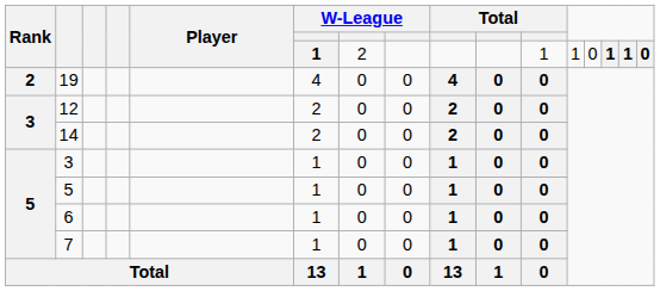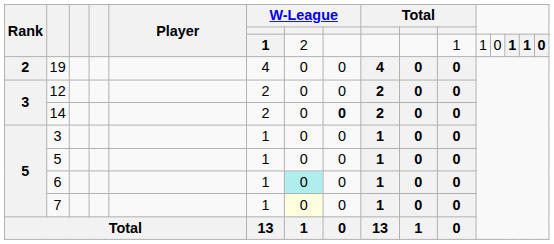 <table class="wikitable sortable" style="text-align:center;">
 <tr>
 <th rowspan="3" width="15">Rank</th>
 <th rowspan="3" width="15"></th>
 <th rowspan="3" width="15"></th>
 <th rowspan="3" width="15"></th>
 <th rowspan="3" width="145">Player</th>
 <th colspan="3" width="120"><a href='#'>W-League</a></th>
 <th colspan="3" width="120">Total</th>
 </tr>
 <tr>
 <th style="width:30px"></th>
 <th style="width:30px"></th>
 <th style="width:30px"></th>
 <th style="width:30px"></th>
 <th style="width:30px"></th>
 <th style="width:30px"></th>
 </tr>
 <tr>
 <th>1</th>
 <td>2</td>
 <td></td>
 <td></td>
 <td align="left"><br></td>
 <td>1</td>
 <td>1</td>
 <td>0<br></td>
 <th>1</th>
 <th>1</th>
 <th>0</th>
 </tr>
 <tr>
 <th>2</th>
 <td>19</td>
 <td></td>
 <td></td>
 <td align="left"><br></td>
 <td>4</td>
 <td>0</td>
 <td>0<br></td>
 <th>4</th>
 <th>0</th>
 <th>0</th>
 </tr>
 <tr>
 <th rowspan="2">3</th>
 <td>12</td>
 <td></td>
 <td></td>
 <td align="left"><br></td>
 <td>2</td>
 <td>0</td>
 <td>0<br></td>
 <th>2</th>
 <th>0</th>
 <th>0</th>
 </tr>
 <tr>
 <td>14</td>
 <td></td>
 <td></td>
 <td align="left"><br></td>
 <td>2</td>
 <td>0</td>
-<td>0<br></td>
+<td><strong>0<br></strong></td>
 <th>2</th>
 <th>0</th>
 <th>0</th>
 </tr>
 <tr>
 <th rowspan="4">5</th>
 <td>3</td>
 <td></td>
 <td></td>
 <td align="left"><br></td>
 <td>1</td>
 <td>0</td>
 <td>0<br></td>
 <th>1</th>
 <th>0</th>
 <th>0</th>
 </tr>
 <tr>
 <td>5</td>
 <td></td>
 <td></td>
 <td align="left"><br></td>
 <td>1</td>
 <td>0</td>
 <td>0<br></td>
 <th>1</th>
 <th>0</th>
 <th>0</th>
 </tr>
 <tr>
 <td>6</td>
 <td></td>
 <td></td>
 <td align="left"><br></td>
 <td>1</td>
-<td>0</td>
+<td style="background: paleturquoise;">0</td>
 <td>0<br></td>
 <th>1</th>
 <th>0</th>
 <th>0</th>
 </tr>
 <tr>
 <td>7</td>
 <td></td>
 <td></td>
 <td align="left"><br></td>
 <td>1</td>
-<td>0</td>
+<td style="background: lightyellow;">0</td>
 <td>0<br></td>
 <th>1</th>
 <th>0</th>
 <th>0</th>
 </tr>
 <tr>
 <th colspan="5">Total<br></th>
 <th>13</th>
 <th>1</th>
 <th>0<br></th>
 <th>13</th>
 <th>1</th>
 <th>0</th>
 </tr>
 </table>
